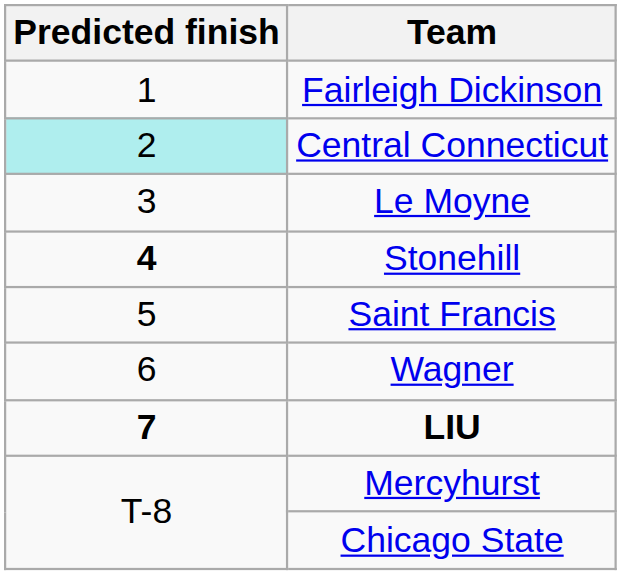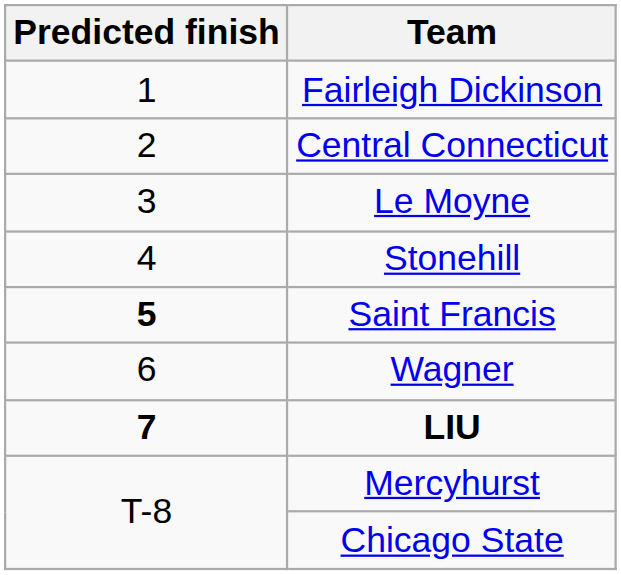 <table class="wikitable" border="1">
 <tr align=center>
 <th style= >Predicted finish</th>
 <th style= >Team</th>
 </tr>
 <tr align="center">
 <td>1</td>
 <td><a href='#'>Fairleigh Dickinson</a></td>
 </tr>
 <tr align="center">
-<td style="background: paleturquoise;">2</td>
+<td>2</td>
 <td><a href='#'>Central Connecticut</a></td>
 </tr>
 <tr align="center">
 <td>3</td>
 <td><a href='#'>Le Moyne</a></td>
 </tr>
 <tr align="center">
-<td><strong>4</strong></td>
+<td>4</td>
 <td><a href='#'>Stonehill</a></td>
 </tr>
 <tr align="center">
-<td>5</td>
+<td><strong>5</strong></td>
 <td><a href='#'>Saint Francis</a></td>
 </tr>
 <tr align="center">
 <td>6</td>
 <td><a href='#'>Wagner</a></td>
 </tr>
 <tr align="center">
 <td><strong>7</strong></td>
 <td><strong>LIU</strong></td>
 </tr>
 <tr align="center">
 <td rowspan=2>T-8</td>
 <td><a href='#'>Mercyhurst</a></td>
 </tr>
 <tr align="center">
 <td><a href='#'>Chicago State</a></td>
 </tr>
 </table>
